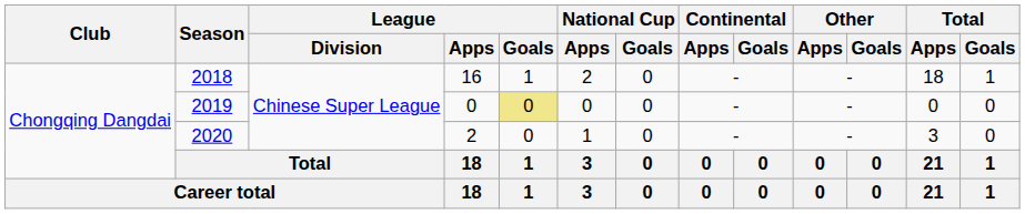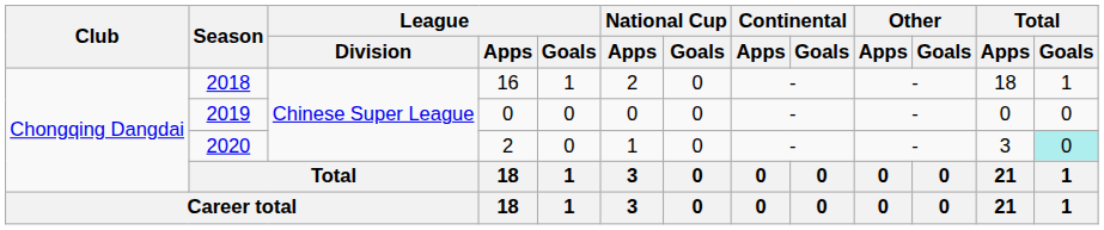 <table class="wikitable" style="text-align: center">
 <tr>
 <th rowspan="2">Club</th>
 <th rowspan="2">Season</th>
 <th colspan="3">League</th>
 <th colspan="2">National Cup</th>
 <th colspan="2">Continental</th>
 <th colspan="2">Other</th>
 <th colspan="2">Total</th>
 </tr>
 <tr>
 <th>Division</th>
 <th>Apps</th>
 <th>Goals</th>
 <th>Apps</th>
 <th>Goals</th>
 <th>Apps</th>
 <th>Goals</th>
 <th>Apps</th>
 <th>Goals</th>
 <th>Apps</th>
 <th>Goals</th>
 </tr>
 <tr>
 <td rowspan="4"><a href='#'>Chongqing Dangdai</a></td>
 <td><a href='#'>2018</a></td>
 <td rowspan="3"><a href='#'>Chinese Super League</a></td>
 <td>16</td>
 <td>1</td>
 <td>2</td>
 <td>0</td>
 <td colspan="2">-</td>
 <td colspan="2">-</td>
 <td>18</td>
 <td>1</td>
 </tr>
 <tr>
 <td><a href='#'>2019</a></td>
 <td>0</td>
-<td style="background: khaki;">0</td>
+<td>0</td>
 <td>0</td>
 <td>0</td>
 <td colspan="2">-</td>
 <td colspan="2">-</td>
 <td>0</td>
 <td>0</td>
 </tr>
 <tr>
 <td><a href='#'>2020</a></td>
 <td>2</td>
 <td>0</td>
 <td>1</td>
 <td>0</td>
 <td colspan="2">-</td>
 <td colspan="2">-</td>
 <td>3</td>
-<td>0</td>
+<td style="background: paleturquoise;">0</td>
 </tr>
 <tr>
 <th colspan=2>Total</th>
 <th>18</th>
 <th>1</th>
 <th>3</th>
 <th>0</th>
 <th>0</th>
 <th>0</th>
 <th>0</th>
 <th>0</th>
 <th>21</th>
 <th>1</th>
 </tr>
 <tr>
 <th colspan=3>Career total</th>
 <th>18</th>
 <th>1</th>
 <th>3</th>
 <th>0</th>
 <th>0</th>
 <th>0</th>
 <th>0</th>
 <th>0</th>
 <th>21</th>
 <th>1</th>
 </tr>
 </table>
